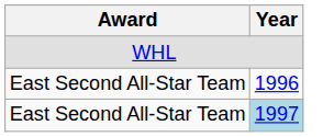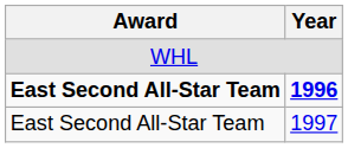 <table class="wikitable">
 <tr>
 <th>Award</th>
 <th>Year</th>
 </tr>
 <tr ALIGN="center" bgcolor="#e0e0e0">
 <td colspan="3"><a href='#'>WHL</a></td>
 </tr>
 <tr>
-<td>East Second All-Star Team</td>
-<td><a href='#'>1996</a></td>
+<td><strong>East Second All-Star Team</strong></td>
+<td><strong><a href='#'>1996</a></strong></td>
 </tr>
 <tr>
 <td>East Second All-Star Team</td>
-<td style="background: lightblue;"><a href='#'>1997</a></td>
+<td><a href='#'>1997</a></td>
 </tr>
 </table>
